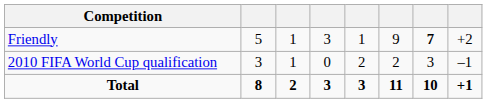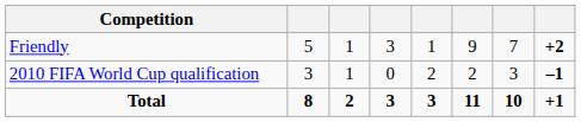 <table class="wikitable" style="text-align: center;">
 <tr>
 <th width=250>Competition</th>
 <th width=30></th>
 <th width=30></th>
 <th width=30></th>
 <th width=30></th>
 <th width=30></th>
 <th width=30></th>
 <th width=30></th>
 </tr>
 <tr>
 <td align=left><a href='#'>Friendly</a></td>
 <td>5</td>
 <td>1</td>
 <td>3</td>
 <td>1</td>
 <td>9</td>
-<td><strong>7</strong></td>
-<td>+2</td>
+<td>7</td>
+<td><strong>+2</strong></td>
 </tr>
 <tr>
 <td align=left><a href='#'>2010 FIFA World Cup qualification</a></td>
 <td>3</td>
 <td>1</td>
 <td>0</td>
 <td>2</td>
 <td>2</td>
 <td>3</td>
-<td>–1</td>
+<td><strong>–1</strong></td>
 </tr>
 <tr>
 <td><strong>Total</strong></td>
 <td><strong>8</strong></td>
 <td><strong>2</strong></td>
 <td><strong>3</strong></td>
 <td><strong>3</strong></td>
 <td><strong>11</strong></td>
 <td><strong>10</strong></td>
 <td><strong>+1</strong></td>
 </tr>
 </table>
